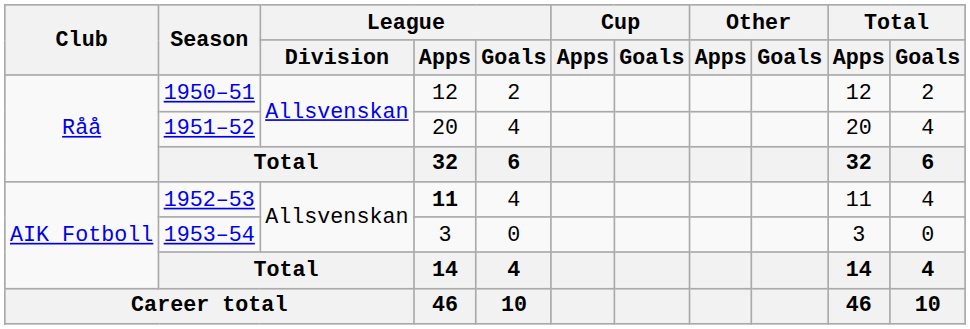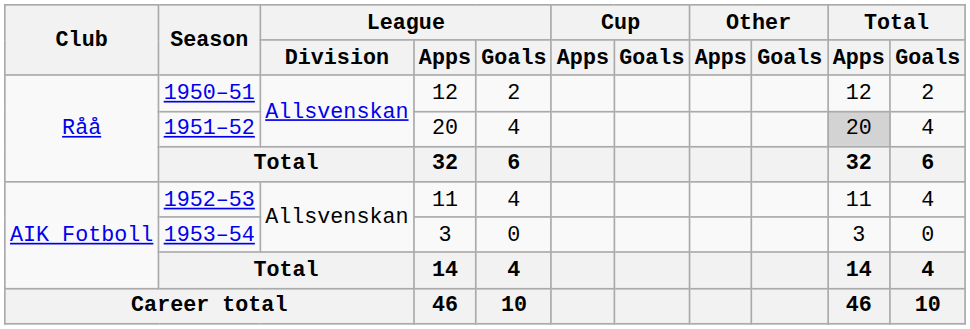 <table class="wikitable" style="text-align: center">
 <tr>
 <th rowspan="2">Club</th>
 <th rowspan="2">Season</th>
 <th colspan="3">League</th>
 <th colspan="2">Cup</th>
 <th colspan="2">Other</th>
 <th colspan="2">Total</th>
 </tr>
 <tr>
 <th>Division</th>
 <th>Apps</th>
 <th>Goals</th>
 <th>Apps</th>
 <th>Goals</th>
 <th>Apps</th>
 <th>Goals</th>
 <th>Apps</th>
 <th>Goals</th>
 </tr>
 <tr>
 <td rowspan="3"><a href='#'>Råå</a></td>
 <td><a href='#'>1950–51</a></td>
 <td rowspan="2"><a href='#'>Allsvenskan</a></td>
 <td>12</td>
 <td>2</td>
 <td></td>
 <td></td>
 <td></td>
 <td></td>
 <td>12</td>
 <td>2</td>
 </tr>
 <tr>
 <td><a href='#'>1951–52</a></td>
 <td>20</td>
 <td>4</td>
 <td></td>
 <td></td>
 <td></td>
 <td></td>
-<td>20</td>
+<td style="background: lightgrey;">20</td>
 <td>4</td>
 </tr>
 <tr>
 <th colspan="2">Total</th>
 <th>32</th>
 <th>6</th>
 <th></th>
 <th></th>
 <th></th>
 <th></th>
 <th>32</th>
 <th>6</th>
 </tr>
 <tr>
 <td rowspan="3"><a href='#'>AIK Fotboll</a></td>
 <td><a href='#'>1952–53</a></td>
 <td rowspan="2">Allsvenskan</td>
-<td><strong>11</strong></td>
+<td>11</td>
 <td>4</td>
 <td></td>
 <td></td>
 <td></td>
 <td></td>
 <td>11</td>
 <td>4</td>
 </tr>
 <tr>
 <td><a href='#'>1953–54</a></td>
 <td>3</td>
 <td>0</td>
 <td></td>
 <td></td>
 <td></td>
 <td></td>
 <td>3</td>
 <td>0</td>
 </tr>
 <tr>
 <th colspan="2">Total</th>
 <th>14</th>
 <th>4</th>
 <th></th>
 <th></th>
 <th></th>
 <th></th>
 <th>14</th>
 <th>4</th>
 </tr>
 <tr>
 <th colspan="3">Career total</th>
 <th>46</th>
 <th>10</th>
 <th></th>
 <th></th>
 <th></th>
 <th></th>
 <th>46</th>
 <th>10</th>
 </tr>
 </table>
